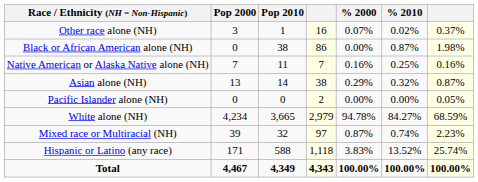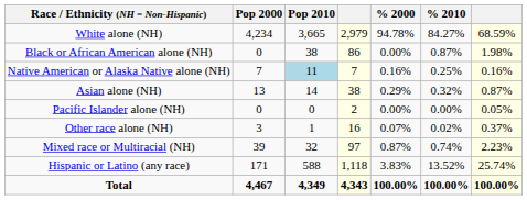 <table class="wikitable" style="text-align:center;">
 <tr>
 <th>Race / Ethnicity <small>(<em>NH = Non-Hispanic</em>)</small></th>
 <th>Pop 2000</th>
 <th>Pop 2010</th>
 <th></th>
 <th>% 2000</th>
 <th>% 2010</th>
 <th></th>
 </tr>
 <tr>
-<td><a href='#'>Other race</a> alone (NH)</td>
-<td>3</td>
-<td>1</td>
-<td style='background: #ffffe6;'>16</td>
-<td>0.07%</td>
-<td>0.02%</td>
-<td style='background: #ffffe6;'>0.37%</td>
+<td><a href='#'>White</a> alone (NH)</td>
+<td>4,234</td>
+<td>3,665</td>
+<td style='background: #ffffe6;'>2,979</td>
+<td>94.78%</td>
+<td>84.27%</td>
+<td style='background: #ffffe6;'>68.59%</td>
 </tr>
 <tr>
 <td><a href='#'>Black or African American</a> alone (NH)</td>
 <td>0</td>
 <td>38</td>
 <td style='background: #ffffe6;'>86</td>
 <td>0.00%</td>
 <td>0.87%</td>
 <td style='background: #ffffe6;'>1.98%</td>
 </tr>
 <tr>
 <td><a href='#'>Native American</a> or <a href='#'>Alaska Native</a> alone (NH)</td>
 <td>7</td>
-<td>11</td>
+<td style="background: lightblue;">11</td>
 <td style='background: #ffffe6;'>7</td>
 <td>0.16%</td>
 <td>0.25%</td>
 <td style='background: #ffffe6;'>0.16%</td>
 </tr>
 <tr>
 <td><a href='#'>Asian</a> alone (NH)</td>
 <td>13</td>
 <td>14</td>
 <td style='background: #ffffe6;'>38</td>
 <td>0.29%</td>
 <td>0.32%</td>
 <td style='background: #ffffe6;'>0.87%</td>
 </tr>
 <tr>
 <td><a href='#'>Pacific Islander</a> alone (NH)</td>
 <td>0</td>
 <td>0</td>
 <td style='background: #ffffe6;'>2</td>
 <td>0.00%</td>
 <td>0.00%</td>
 <td style='background: #ffffe6;'>0.05%</td>
 </tr>
 <tr>
-<td><a href='#'>White</a> alone (NH)</td>
-<td>4,234</td>
-<td>3,665</td>
-<td style='background: #ffffe6;'>2,979</td>
-<td>94.78%</td>
-<td>84.27%</td>
-<td style='background: #ffffe6;'>68.59%</td>
+<td><a href='#'>Other race</a> alone (NH)</td>
+<td>3</td>
+<td>1</td>
+<td style='background: #ffffe6;'>16</td>
+<td>0.07%</td>
+<td>0.02%</td>
+<td style='background: #ffffe6;'>0.37%</td>
 </tr>
 <tr>
 <td><a href='#'>Mixed race or Multiracial</a> (NH)</td>
 <td>39</td>
 <td>32</td>
 <td style='background: #ffffe6;'>97</td>
 <td>0.87%</td>
 <td>0.74%</td>
 <td style='background: #ffffe6;'>2.23%</td>
 </tr>
 <tr>
 <td><a href='#'>Hispanic or Latino</a> (any race)</td>
 <td>171</td>
 <td>588</td>
 <td style='background: #ffffe6;'>1,118</td>
 <td>3.83%</td>
 <td>13.52%</td>
 <td style='background: #ffffe6;'>25.74%</td>
 </tr>
 <tr>
 <td><strong>Total</strong></td>
 <td><strong>4,467</strong></td>
 <td><strong>4,349</strong></td>
 <td style='background: #ffffe6;'><strong>4,343</strong></td>
 <td><strong>100.00%</strong></td>
 <td><strong>100.00%</strong></td>
 <td style='background: #ffffe6;'><strong>100.00%</strong></td>
 </tr>
 </table>
